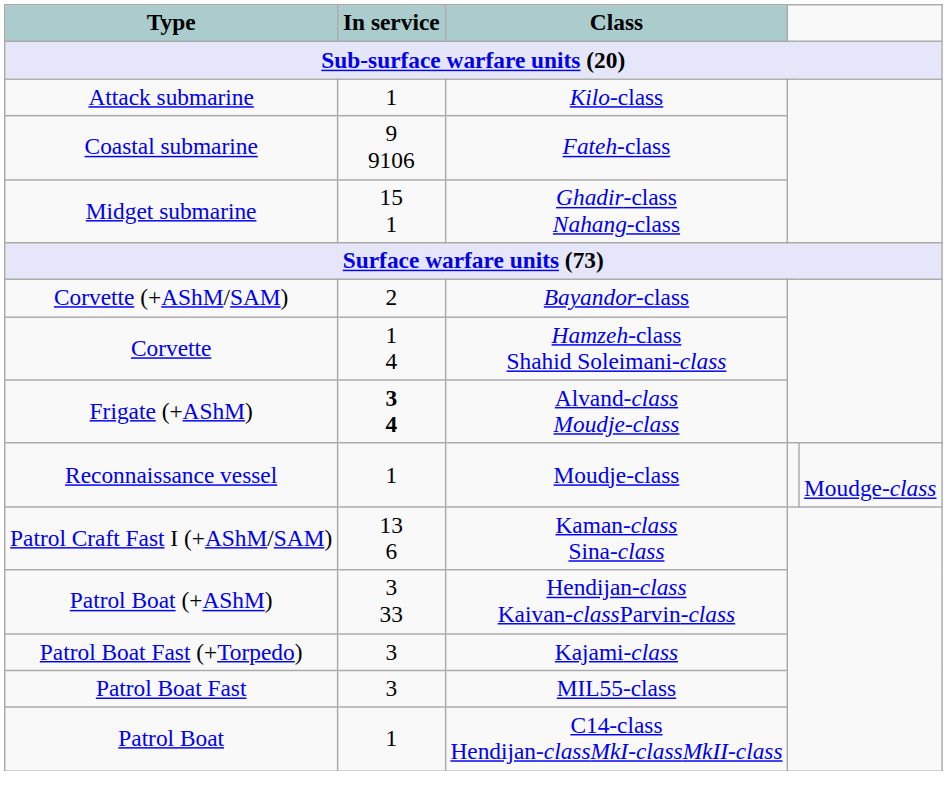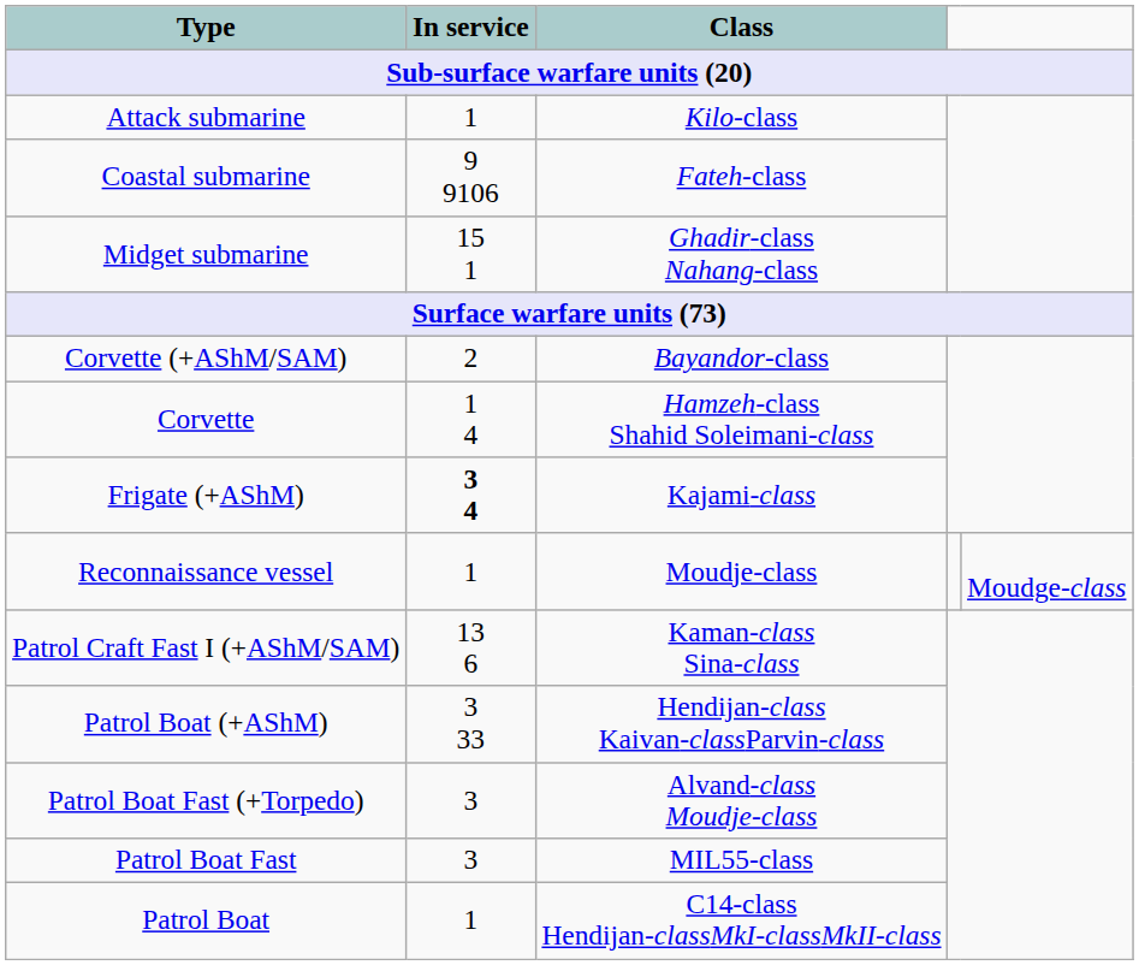 <table class="wikitable" style="text-align: center">
 <tr>
 <th style="text-align:center; background:#acc;">Type</th>
 <th style="text-align: center; background:#acc;">In service</th>
 <th style="text-align:l center; background:#acc;">Class</th>
 </tr>
 <tr>
 <th style="align: center; background: lavender;" colspan="7"><a href='#'>Sub-surface warfare units</a> (20)</th>
 </tr>
 <tr>
 <td><a href='#'>Attack submarine</a></td>
 <td>1</td>
 <td><a href='#'><em>Kilo</em>-class</a></td>
 </tr>
 <tr>
 <td><a href='#'>Coastal submarine</a></td>
 <td>9<br>9106</td>
 <td><a href='#'><em>Fateh</em>-class</a></td>
 </tr>
 <tr>
 <td><a href='#'>Midget submarine</a></td>
 <td>15<br>1</td>
 <td><a href='#'><em>Ghadir</em>-class</a><br><a href='#'><em>Nahang</em>-class</a></td>
 </tr>
 <tr>
 <th style="align: center; background: lavender;" colspan="7"><a href='#'>Surface warfare units</a> (73)</th>
 </tr>
 <tr>
 <td><a href='#'>Corvette</a> (+<a href='#'>AShM</a>/<a href='#'>SAM</a>)</td>
 <td>2</td>
 <td><a href='#'><em>Bayandor</em>-class</a></td>
 </tr>
 <tr>
 <td><a href='#'>Corvette</a></td>
 <td>1<br>4</td>
 <td><a href='#'><em>Hamzeh</em>-class</a><br><a href='#'>Shahid Soleimani<em>-class</a></td>
 </tr>
 <tr>
 <td><a href='#'>Frigate</a> (+<a href='#'>AShM</a>)</td>
 <td><strong>3<br>4</strong></td>
-<td><a href='#'></em>Alvand<em>-class</a><br><a href='#'>Moudje-class</a></td>
+<td><a href='#'></em>Kajami<em>-class</a></td>
 </tr>
 <tr>
 <td><a href='#'>Reconnaissance vessel</a></td>
 <td>1</td>
 <td><a href='#'>Moudje-class</a></td>
 <td></td>
 <td><br><a href='#'></em>Moudge<em>-class</a></td>
 </tr>
 <tr>
 <td><a href='#'>Patrol Craft Fast</a> I (+<a href='#'>AShM</a>/<a href='#'>SAM</a>)</td>
 <td>13<br>6</td>
 <td><a href='#'></em>Kaman<em>-class</a><br><a href='#'></em>Sina<em>-class</a></td>
 </tr>
 <tr>
 <td><a href='#'>Patrol Boat</a> (+<a href='#'>AShM</a>)</td>
 <td>3<br>33</td>
 <td><a href='#'></em>Hendijan<em>-class</a><br><a href='#'></em>Kaivan<em>-class</a><a href='#'></em>Parvin<em>-class</a></td>
 </tr>
 <tr>
 <td><a href='#'>Patrol Boat Fast</a> (+<a href='#'>Torpedo</a>)</td>
 <td>3</td>
-<td><a href='#'></em>Kajami<em>-class</a></td>
+<td><a href='#'></em>Alvand<em>-class</a><br><a href='#'>Moudje-class</a></td>
 </tr>
 <tr>
 <td><a href='#'>Patrol Boat Fast</a></td>
 <td>3</td>
 <td><a href='#'>MIL55-class</a></td>
 </tr>
 <tr>
 <td><a href='#'>Patrol Boat</a></td>
 <td>1</td>
 <td><a href='#'>C14-class</a><br><a href='#'></em>Hendijan<em>-class</a><a href='#'>MkI-class</a><a href='#'>MkII-class</a></td>
 </tr>
 </table>
